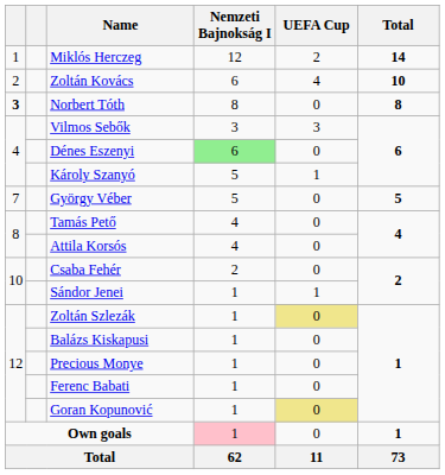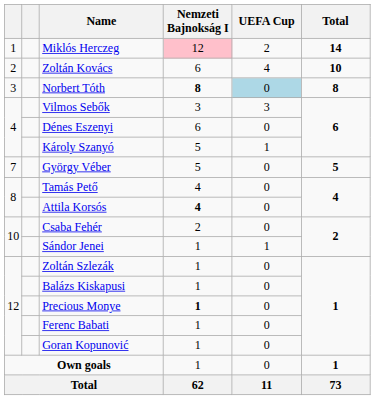 <table class="wikitable" style="font-size: 95%; text-align: center;">
 <tr>
 <th width="15"></th>
 <th width="15"></th>
 <th width="150">Name</th>
 <th width="80">Nemzeti Bajnokság I</th>
 <th width="80">UEFA Cup</th>
 <th width="80">Total</th>
 </tr>
 <tr>
 <td>1</td>
 <td></td>
 <td align=left><a href='#'>Miklós Herczeg</a></td>
-<td>12</td>
+<td style="background: pink;">12</td>
 <td>2</td>
 <td><strong>14</strong></td>
 </tr>
 <tr>
 <td>2</td>
 <td></td>
 <td align=left><a href='#'>Zoltán Kovács</a></td>
 <td>6</td>
 <td>4</td>
 <td><strong>10</strong></td>
 </tr>
 <tr>
-<td><strong>3</strong></td>
+<td>3</td>
 <td></td>
 <td align=left><a href='#'>Norbert Tóth</a></td>
-<td>8</td>
-<td>0</td>
+<td><strong>8</strong></td>
+<td style="background: lightblue;">0</td>
 <td><strong>8</strong></td>
 </tr>
 <tr>
 <td rowspan="3">4</td>
 <td></td>
 <td align=left><a href='#'>Vilmos Sebők</a></td>
 <td>3</td>
 <td>3</td>
 <td rowspan="3"><strong>6</strong></td>
 </tr>
 <tr>
 <td></td>
 <td align=left><a href='#'>Dénes Eszenyi</a></td>
-<td style="background: lightgreen;">6</td>
+<td>6</td>
 <td>0</td>
 </tr>
 <tr>
 <td></td>
 <td align=left><a href='#'>Károly Szanyó</a></td>
 <td>5</td>
 <td>1</td>
 </tr>
 <tr>
 <td>7</td>
 <td></td>
 <td align=left><a href='#'>György Véber</a></td>
 <td>5</td>
 <td>0</td>
 <td><strong>5</strong></td>
 </tr>
 <tr>
 <td rowspan="2">8</td>
 <td></td>
 <td align="left"><a href='#'>Tamás Pető</a></td>
 <td>4</td>
 <td>0</td>
 <td rowspan="2"><strong>4</strong></td>
 </tr>
 <tr>
 <td></td>
 <td align="left"><a href='#'>Attila Korsós</a></td>
-<td>4</td>
+<td><strong>4</strong></td>
 <td>0</td>
 </tr>
 <tr>
 <td rowspan="2">10</td>
 <td></td>
 <td align=left><a href='#'>Csaba Fehér</a></td>
 <td>2</td>
 <td>0</td>
 <td rowspan="2"><strong>2</strong></td>
 </tr>
 <tr>
 <td></td>
 <td align=left><a href='#'>Sándor Jenei</a></td>
 <td>1</td>
 <td>1</td>
 </tr>
 <tr>
 <td rowspan="5">12</td>
 <td></td>
 <td align=left><a href='#'>Zoltán Szlezák</a></td>
 <td>1</td>
-<td style="background: khaki;">0</td>
+<td>0</td>
 <td rowspan="5"><strong>1</strong></td>
 </tr>
 <tr>
 <td></td>
 <td align=left><a href='#'>Balázs Kiskapusi</a></td>
 <td>1</td>
 <td>0</td>
 </tr>
 <tr>
 <td></td>
 <td align=left><a href='#'>Precious Monye</a></td>
-<td>1</td>
+<td><strong>1</strong></td>
 <td>0</td>
 </tr>
 <tr>
 <td></td>
 <td align=left><a href='#'>Ferenc Babati</a></td>
 <td>1</td>
 <td>0</td>
 </tr>
 <tr>
 <td></td>
 <td align=left><a href='#'>Goran Kopunović</a></td>
 <td>1</td>
-<td style="background: khaki;">0</td>
+<td>0</td>
 </tr>
 <tr>
 <td colspan="3"><strong>Own goals</strong></td>
-<td style="background: pink;">1</td>
+<td>1</td>
 <td>0</td>
 <td><strong>1</strong></td>
 </tr>
 <tr>
 <th colspan="3">Total</th>
 <th>62</th>
 <th>11</th>
 <th>73</th>
 </tr>
 </table>
